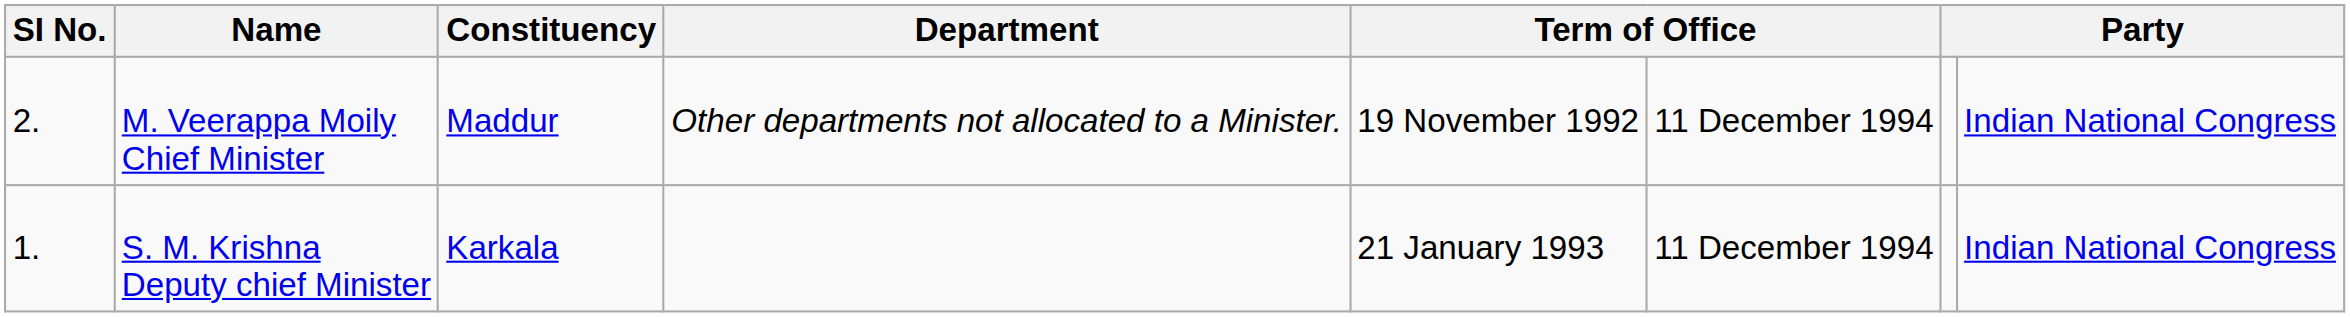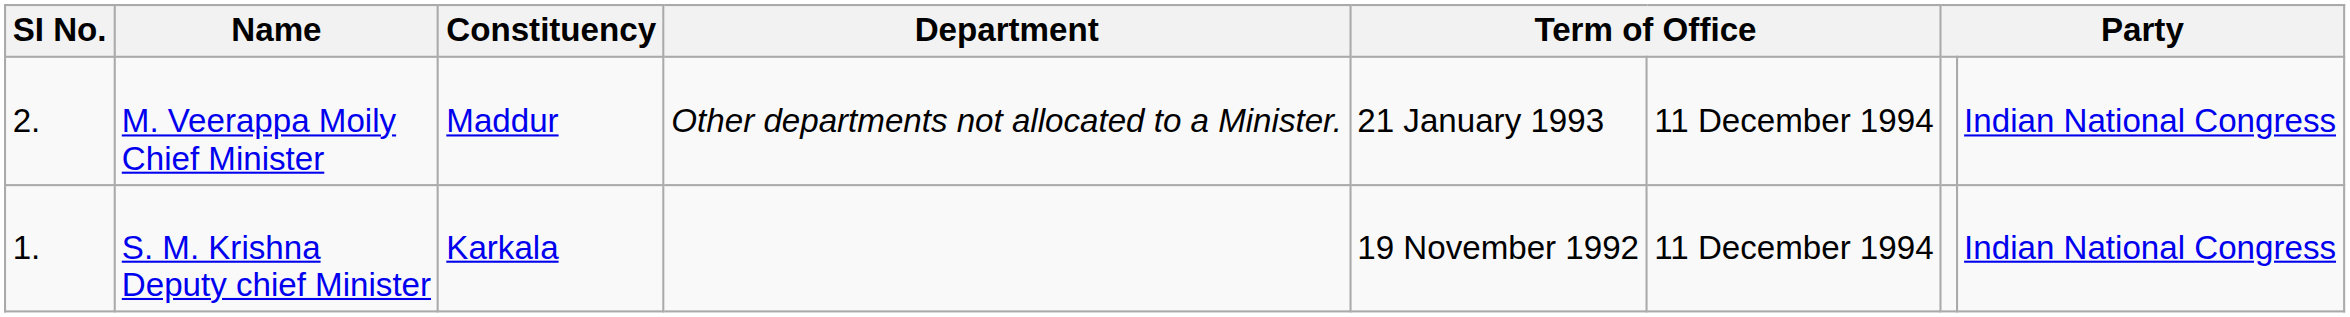 <table class="wikitable">
 <tr>
 <th>SI No.</th>
 <th>Name</th>
 <th>Constituency</th>
 <th>Department</th>
 <th colspan="2">Term of Office</th>
 <th colspan="2">Party</th>
 </tr>
 <tr>
 <td>2.</td>
 <td><br><a href='#'>M. Veerappa Moily</a><br><a href='#'>Chief Minister</a></td>
 <td><a href='#'>Maddur</a></td>
 <td><em>Other departments not allocated to a Minister.</em></td>
-<td>19 November 1992</td>
+<td>21 January 1993</td>
 <td>11 December 1994</td>
 <td style="background:"></td>
 <td><a href='#'>Indian National Congress</a></td>
 </tr>
 <tr>
 <td>1.</td>
 <td><br><a href='#'>S. M. Krishna</a><br><a href='#'>Deputy chief Minister</a></td>
 <td><a href='#'>Karkala</a></td>
 <td></td>
-<td>21 January 1993</td>
+<td>19 November 1992</td>
 <td>11 December 1994</td>
 <td style="background:"></td>
 <td><a href='#'>Indian National Congress</a></td>
 </tr>
 </table>
